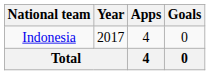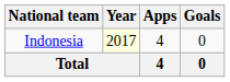 <table class="wikitable" style="text-align:center">
 <tr>
 <th>National team</th>
 <th>Year</th>
 <th>Apps</th>
 <th>Goals</th>
 </tr>
 <tr>
 <td><a href='#'>Indonesia</a></td>
-<td>2017</td>
+<td style="background: lightyellow;">2017</td>
 <td>4</td>
 <td>0</td>
 </tr>
 <tr>
 <th colspan=2>Total</th>
 <th>4</th>
 <th>0</th>
 </tr>
 </table>
